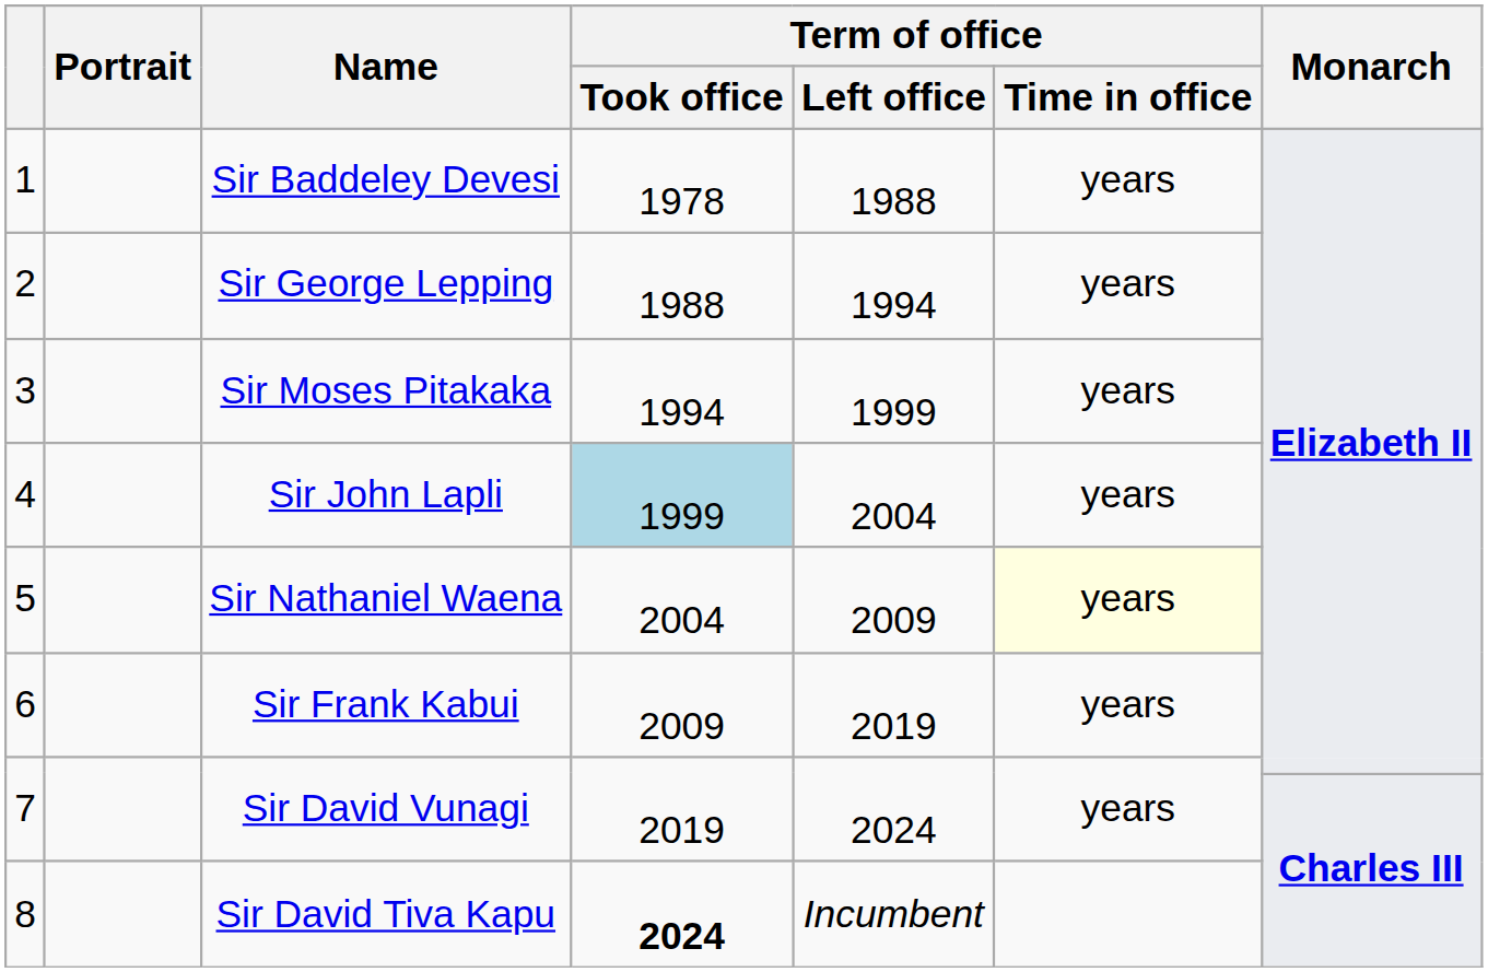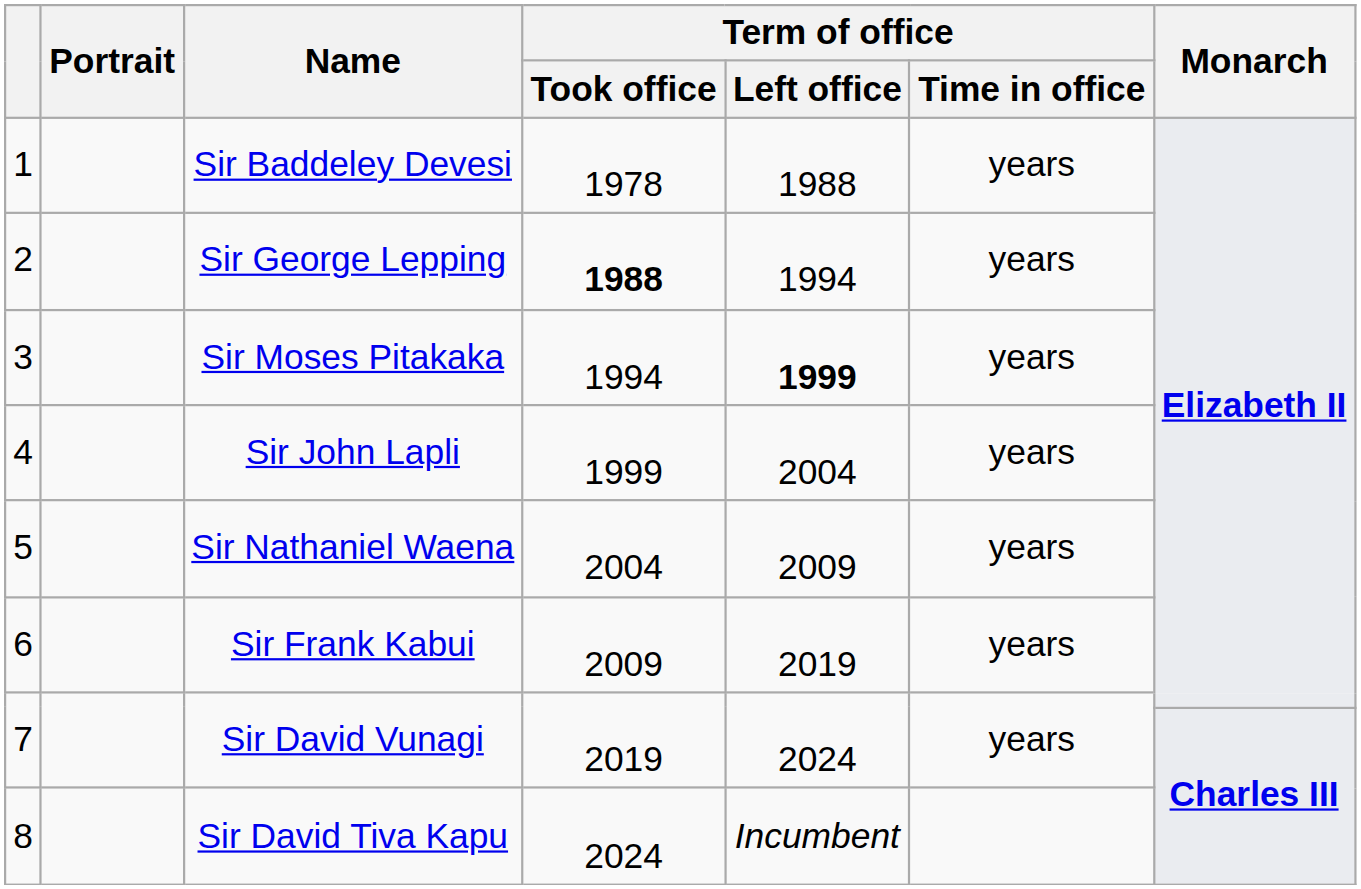 <table class="wikitable" style="text-align:center;">
 <tr>
 <th rowspan="2"></th>
 <th rowspan="2">Portrait</th>
 <th rowspan="2">Name<br></th>
 <th colspan="3">Term of office</th>
 <th rowspan="2">Monarch<br></th>
 </tr>
 <tr>
 <th>Took office</th>
 <th>Left office</th>
 <th>Time in office</th>
 </tr>
 <tr>
 <td>1</td>
 <td></td>
 <td><a href='#'>Sir Baddeley Devesi</a><br></td>
 <td><br>1978</td>
 <td><br>1988</td>
 <td> years</td>
 <td rowspan="6" style="background:#eaecf0; border-style: solid solid none solid ;"><br><strong><a href='#'>Elizabeth II</a></strong><br><br></td>
 </tr>
 <tr>
 <td>2</td>
 <td></td>
 <td><a href='#'>Sir George Lepping</a><br></td>
-<td><br>1988</td>
+<td><strong><br>1988</strong></td>
 <td><br>1994</td>
 <td> years</td>
 </tr>
 <tr>
 <td>3</td>
 <td></td>
 <td><a href='#'>Sir Moses Pitakaka</a><br></td>
 <td><br>1994</td>
-<td><br>1999</td>
+<td><strong><br>1999</strong></td>
 <td> years</td>
 </tr>
 <tr>
 <td>4</td>
 <td></td>
 <td><a href='#'>Sir John Lapli</a><br></td>
-<td style="background: lightblue;"><br>1999</td>
+<td><br>1999</td>
 <td><br>2004</td>
 <td> years</td>
 </tr>
 <tr>
 <td>5</td>
 <td></td>
 <td><a href='#'>Sir Nathaniel Waena</a><br></td>
 <td><br>2004</td>
 <td><br>2009</td>
-<td style="background: lightyellow;"> years</td>
+<td> years</td>
 </tr>
 <tr>
 <td>6</td>
 <td></td>
 <td><a href='#'>Sir Frank Kabui</a><br></td>
 <td><br>2009</td>
 <td><br>2019</td>
 <td> years</td>
 </tr>
 <tr>
 <td rowspan=2>7</td>
 <td rowspan=2></td>
 <td rowspan=2><a href='#'>Sir David Vunagi</a><br></td>
 <td rowspan=2><br>2019</td>
 <td rowspan=2><br>2024</td>
 <td rowspan=2> years</td>
 <td style="background:#eaecf0 ; border-style: none solid solid solid ;"></td>
 </tr>
 <tr>
 <td rowspan="2" style="background:#eaecf0"><br><strong><a href='#'>Charles III</a></strong><br><br></td>
 </tr>
 <tr>
 <td>8</td>
 <td></td>
 <td><a href='#'>Sir David Tiva Kapu</a><br></td>
-<td><strong><br>2024</strong></td>
+<td><br>2024</td>
 <td><em>Incumbent</em></td>
 <td></td>
 </tr>
 </table>
